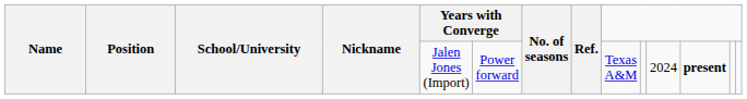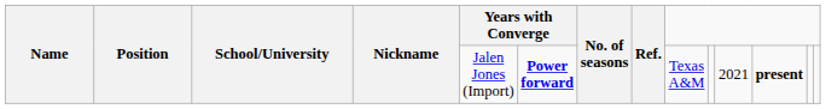 <table class="wikitable sortable" style="text-align:center" width="98%">
 <tr>
 <th style="width:180px;" rowspan="2">Name</th>
 <th style="width:180px;" rowspan="2">Position</th>
 <th style="width:250px;" rowspan="2">School/University</th>
 <th style="width:180px;" rowspan="2">Nickname</th>
 <th style="width:180px; text-align:center;" colspan="2">Years with Converge</th>
 <th rowspan="2">No. of seasons</th>
 <th rowspan="2"; class=unsortable>Ref.</th>
 </tr>
 <tr>
 <td><a href='#'>Jalen Jones</a> (Import)</td>
-<td><a href='#'>Power forward</a></td>
+<td><strong><a href='#'>Power forward</a></strong></td>
 <td><a href='#'>Texas A&M</a></td>
 <td></td>
-<td>2024</td>
+<td>2021</td>
 <td><strong>present</strong></td>
 <td></td>
 <td></td>
 </tr>
 </table>
